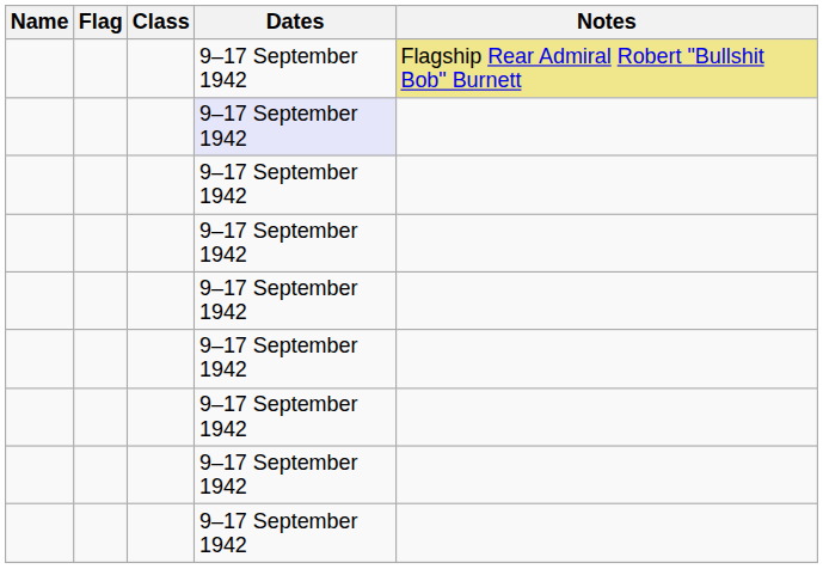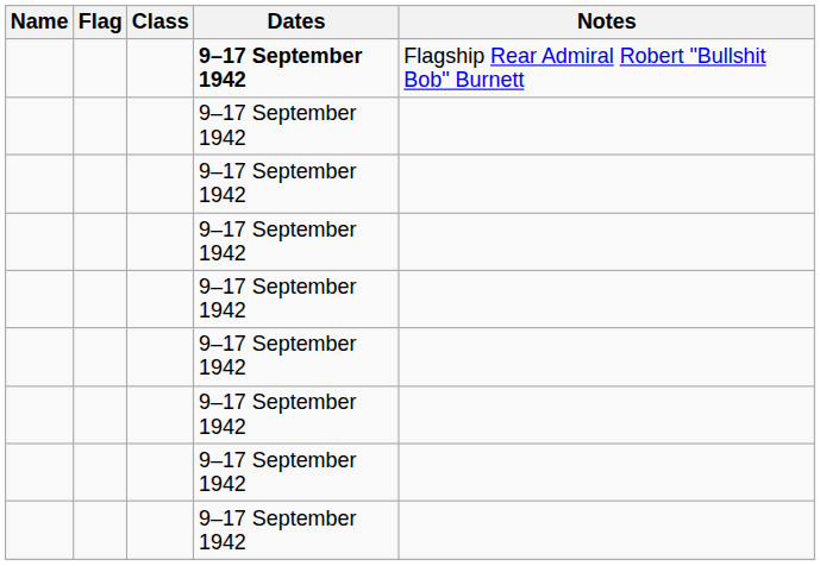 <table class="wikitable sortable">
 <tr>
 <th>Name</th>
 <th>Flag</th>
 <th>Class</th>
 <th>Dates</th>
 <th class="unsortable">Notes</th>
 </tr>
 <tr>
 <td></td>
 <td></td>
 <td></td>
-<td>9–17 September 1942</td>
-<td style="background: khaki;">Flagship <a href='#'>Rear Admiral</a> <a href='#'>Robert "Bullshit Bob" Burnett</a></td>
+<td><strong>9–17 September 1942</strong></td>
+<td>Flagship <a href='#'>Rear Admiral</a> <a href='#'>Robert "Bullshit Bob" Burnett</a></td>
 </tr>
 <tr>
 <td></td>
 <td></td>
 <td></td>
-<td style="background: lavender;">9–17 September 1942</td>
+<td>9–17 September 1942</td>
 <td></td>
 </tr>
 <tr>
 <td></td>
 <td></td>
 <td></td>
 <td>9–17 September 1942</td>
 <td></td>
 </tr>
 <tr>
 <td></td>
 <td></td>
 <td></td>
 <td>9–17 September 1942</td>
 <td></td>
 </tr>
 <tr>
 <td></td>
 <td></td>
 <td></td>
 <td>9–17 September 1942</td>
 <td></td>
 </tr>
 <tr>
 <td></td>
 <td></td>
 <td></td>
 <td>9–17 September 1942</td>
 <td></td>
 </tr>
 <tr>
 <td></td>
 <td></td>
 <td></td>
 <td>9–17 September 1942</td>
 <td></td>
 </tr>
 <tr>
 <td></td>
 <td></td>
 <td></td>
 <td>9–17 September 1942</td>
 <td></td>
 </tr>
 <tr>
 <td></td>
 <td></td>
 <td></td>
 <td>9–17 September 1942</td>
 <td></td>
 </tr>
 <tr>
 </tr>
 </table>
